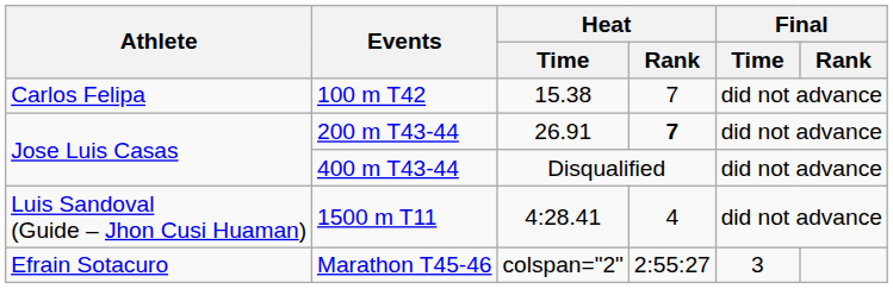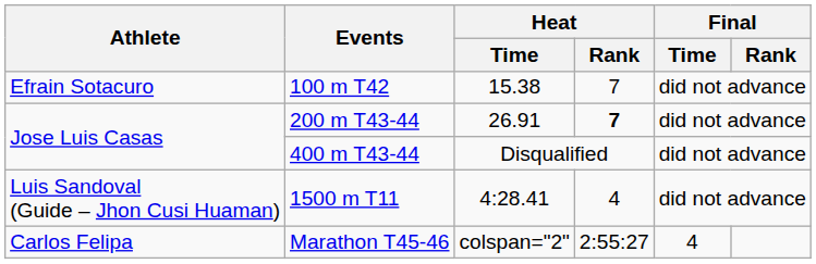 <table class=wikitable style="font-size:90%">
 <tr>
 <th rowspan="2">Athlete</th>
 <th rowspan="2">Events</th>
 <th colspan="2">Heat</th>
 <th colspan="2">Final</th>
 </tr>
 <tr>
 <th>Time</th>
 <th>Rank</th>
 <th>Time</th>
 <th>Rank</th>
 </tr>
 <tr align=center>
-<td align=left><a href='#'>Carlos Felipa</a></td>
+<td align=left><a href='#'>Efrain Sotacuro</a></td>
 <td align=left><a href='#'>100 m T42</a></td>
 <td>15.38</td>
 <td>7</td>
 <td colspan=2>did not advance</td>
 </tr>
 <tr align=center>
 <td align=left rowspan=2><a href='#'>Jose Luis Casas</a></td>
 <td align=left><a href='#'>200 m T43-44</a></td>
 <td>26.91</td>
 <td><strong>7</strong></td>
 <td colspan=2>did not advance</td>
 </tr>
 <tr align=center>
 <td align=left><a href='#'>400 m T43-44</a></td>
 <td colspan=2>Disqualified</td>
 <td colspan=2>did not advance</td>
 </tr>
 <tr align=center>
 <td align=left><a href='#'>Luis Sandoval</a><br>(Guide – <a href='#'>Jhon Cusi Huaman</a>)</td>
 <td align=left><a href='#'>1500 m T11</a></td>
 <td>4:28.41</td>
 <td>4</td>
 <td colspan=2>did not advance</td>
 </tr>
 <tr align=center>
-<td align=left><a href='#'>Efrain Sotacuro</a></td>
+<td align=left><a href='#'>Carlos Felipa</a></td>
 <td align=left><a href='#'>Marathon T45-46</a></td>
 <td>colspan="2" </td>
 <td>2:55:27</td>
-<td>3</td>
+<td>4</td>
 </tr>
 </table>
